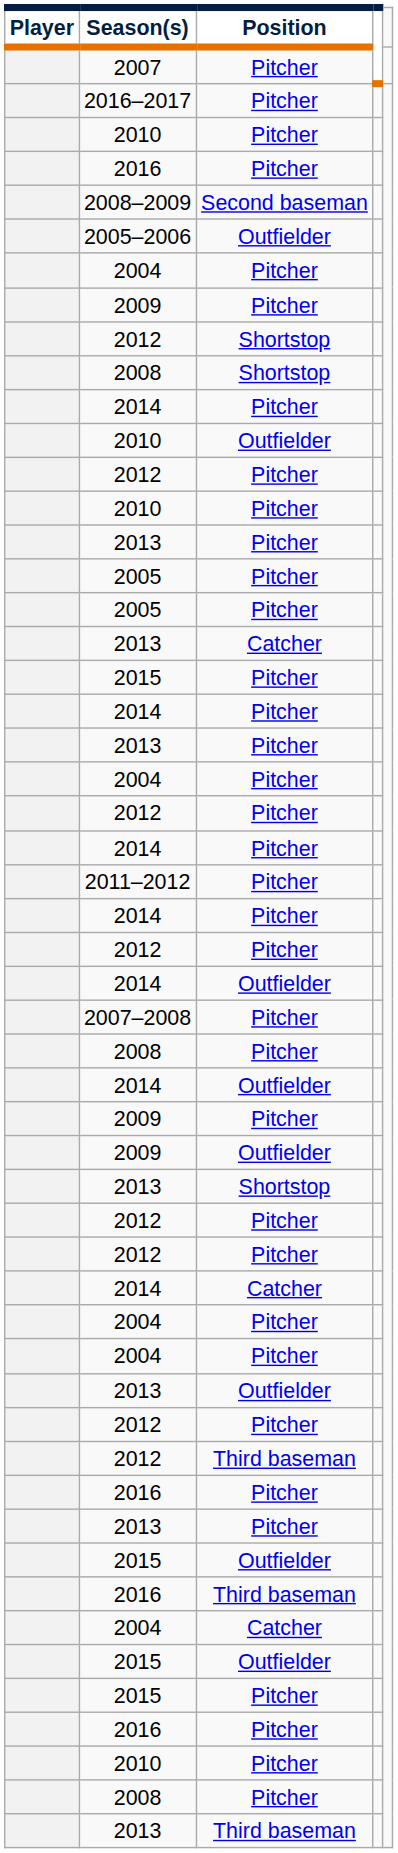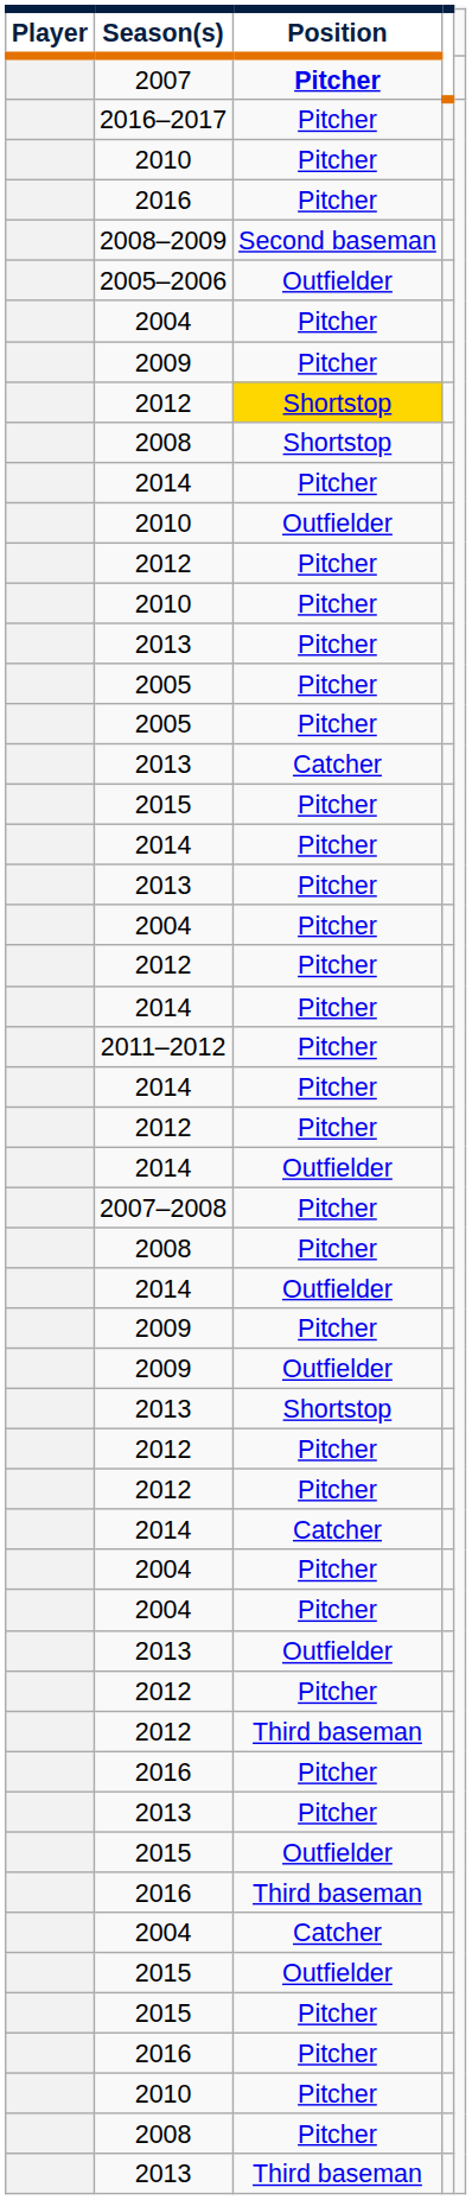 <table class="wikitable sortable plainrowheaders" style="font-size: 95%; text-align:center;">
 <tr>
 <th scope="col" style="background-color:#ffffff; border-top:#041e42 5px solid; border-bottom:#e57200 5px solid; color:#041e42">Player</th>
 <th scope="col" style="background-color:#ffffff; border-top:#041e42 5px solid; border-bottom:#e57200 5px solid; color:#041e42">Season(s)</th>
 <th scope="col" style="background-color:#ffffff; border-top:#041e42 5px solid; border-bottom:#e57200 5px solid; color:#041e42">Position</th>
 <th rowspan="2" class="unsortable" scope="col" style="background-color:#ffffff; border-top:#041e42  5px solid; border-bottom:#e57200 5px solid; color:#041e42"></th>
 </tr>
 <tr>
 <th scope="row" style="text-align:center"></th>
 <td>2007</td>
-<td><a href='#'>Pitcher</a></td>
+<td><strong><a href='#'>Pitcher</a></strong></td>
 <td></td>
 </tr>
 <tr>
 <th scope="row" style="text-align:center"></th>
 <td>2016–2017</td>
 <td><a href='#'>Pitcher</a></td>
 <td></td>
 </tr>
 <tr>
 <th scope="row" style="text-align:center"></th>
 <td>2010</td>
 <td><a href='#'>Pitcher</a></td>
 <td></td>
 </tr>
 <tr>
 <th scope="row" style="text-align:center"></th>
 <td>2016</td>
 <td><a href='#'>Pitcher</a></td>
 <td></td>
 </tr>
 <tr>
 <th scope="row" style="text-align:center"></th>
 <td>2008–2009</td>
 <td><a href='#'>Second baseman</a></td>
 <td></td>
 </tr>
 <tr>
 <th scope="row" style="text-align:center"></th>
 <td>2005–2006</td>
 <td><a href='#'>Outfielder</a></td>
 <td></td>
 </tr>
 <tr>
 <th scope="row" style="text-align:center"></th>
 <td>2004</td>
 <td><a href='#'>Pitcher</a></td>
 <td></td>
 </tr>
 <tr>
 <th scope="row" style="text-align:center"></th>
 <td>2009</td>
 <td><a href='#'>Pitcher</a></td>
 <td></td>
 </tr>
 <tr>
 <th scope="row" style="text-align:center"></th>
 <td>2012</td>
-<td><a href='#'>Shortstop</a></td>
+<td style="background: gold;"><a href='#'>Shortstop</a></td>
 <td></td>
 </tr>
 <tr>
 <th scope="row" style="text-align:center"></th>
 <td>2008</td>
 <td><a href='#'>Shortstop</a></td>
 <td></td>
 </tr>
 <tr>
 <th scope="row" style="text-align:center"></th>
 <td>2014</td>
 <td><a href='#'>Pitcher</a></td>
 <td></td>
 </tr>
 <tr>
 <th scope="row" style="text-align:center"></th>
 <td>2010</td>
 <td><a href='#'>Outfielder</a></td>
 <td></td>
 </tr>
 <tr>
 <th scope="row" style="text-align:center"></th>
 <td>2012</td>
 <td><a href='#'>Pitcher</a></td>
 <td></td>
 </tr>
 <tr>
 <th scope="row" style="text-align:center"></th>
 <td>2010</td>
 <td><a href='#'>Pitcher</a></td>
 <td></td>
 </tr>
 <tr>
 <th scope="row" style="text-align:center"></th>
 <td>2013</td>
 <td><a href='#'>Pitcher</a></td>
 <td></td>
 </tr>
 <tr>
 <th scope="row" style="text-align:center"></th>
 <td>2005</td>
 <td><a href='#'>Pitcher</a></td>
 <td></td>
 </tr>
 <tr>
 <th scope="row" style="text-align:center"></th>
 <td>2005</td>
 <td><a href='#'>Pitcher</a></td>
 <td></td>
 </tr>
 <tr>
 <th scope="row" style="text-align:center"></th>
 <td>2013</td>
 <td><a href='#'>Catcher</a></td>
 <td></td>
 </tr>
 <tr>
 <th scope="row" style="text-align:center"></th>
 <td>2015</td>
 <td><a href='#'>Pitcher</a></td>
 <td></td>
 </tr>
 <tr>
 <th scope="row" style="text-align:center"></th>
 <td>2014</td>
 <td><a href='#'>Pitcher</a></td>
 <td></td>
 </tr>
 <tr>
 <th scope="row" style="text-align:center"></th>
 <td>2013</td>
 <td><a href='#'>Pitcher</a></td>
 <td></td>
 </tr>
 <tr>
 <th scope="row" style="text-align:center"></th>
 <td>2004</td>
 <td><a href='#'>Pitcher</a></td>
 <td></td>
 </tr>
 <tr>
 <th scope="row" style="text-align:center"></th>
 <td>2012</td>
 <td><a href='#'>Pitcher</a></td>
 <td></td>
 </tr>
 <tr>
 <th scope="row" style="text-align:center"></th>
 <td>2014</td>
 <td><a href='#'>Pitcher</a></td>
 <td></td>
 </tr>
 <tr>
 <th scope="row" style="text-align:center"></th>
 <td>2011–2012</td>
 <td><a href='#'>Pitcher</a></td>
 <td></td>
 </tr>
 <tr>
 <th scope="row" style="text-align:center"></th>
 <td>2014</td>
 <td><a href='#'>Pitcher</a></td>
 <td></td>
 </tr>
 <tr>
 <th scope="row" style="text-align:center"></th>
 <td>2012</td>
 <td><a href='#'>Pitcher</a></td>
 <td></td>
 </tr>
 <tr>
 <th scope="row" style="text-align:center"></th>
 <td>2014</td>
 <td><a href='#'>Outfielder</a></td>
 <td></td>
 </tr>
 <tr>
 <th scope="row" style="text-align:center"></th>
 <td>2007–2008</td>
 <td><a href='#'>Pitcher</a></td>
 <td></td>
 </tr>
 <tr>
 <th scope="row" style="text-align:center"></th>
 <td>2008</td>
 <td><a href='#'>Pitcher</a></td>
 <td></td>
 </tr>
 <tr>
 <th scope="row" style="text-align:center"></th>
 <td>2014</td>
 <td><a href='#'>Outfielder</a></td>
 <td></td>
 </tr>
 <tr>
 <th scope="row" style="text-align:center"></th>
 <td>2009</td>
 <td><a href='#'>Pitcher</a></td>
 <td></td>
 </tr>
 <tr>
 <th scope="row" style="text-align:center"></th>
 <td>2009</td>
 <td><a href='#'>Outfielder</a></td>
 <td></td>
 </tr>
 <tr>
 <th scope="row" style="text-align:center"></th>
 <td>2013</td>
 <td><a href='#'>Shortstop</a></td>
 <td></td>
 </tr>
 <tr>
 <th scope="row" style="text-align:center"></th>
 <td>2012</td>
 <td><a href='#'>Pitcher</a></td>
 <td></td>
 </tr>
 <tr>
 <th scope="row" style="text-align:center"></th>
 <td>2012</td>
 <td><a href='#'>Pitcher</a></td>
 <td></td>
 </tr>
 <tr>
 <th scope="row" style="text-align:center"></th>
 <td>2014</td>
 <td><a href='#'>Catcher</a></td>
 <td></td>
 </tr>
 <tr>
 <th scope="row" style="text-align:center"></th>
 <td>2004</td>
 <td><a href='#'>Pitcher</a></td>
 <td></td>
 </tr>
 <tr>
 <th scope="row" style="text-align:center"></th>
 <td>2004</td>
 <td><a href='#'>Pitcher</a></td>
 <td></td>
 </tr>
 <tr>
 <th scope="row" style="text-align:center"></th>
 <td>2013</td>
 <td><a href='#'>Outfielder</a></td>
 <td></td>
 </tr>
 <tr>
 <th scope="row" style="text-align:center"></th>
 <td>2012</td>
 <td><a href='#'>Pitcher</a></td>
 <td></td>
 </tr>
 <tr>
 <th scope="row" style="text-align:center"></th>
 <td>2012</td>
 <td><a href='#'>Third baseman</a></td>
 <td></td>
 </tr>
 <tr>
 <th scope="row" style="text-align:center"></th>
 <td>2016</td>
 <td><a href='#'>Pitcher</a></td>
 <td></td>
 </tr>
 <tr>
 <th scope="row" style="text-align:center"></th>
 <td>2013</td>
 <td><a href='#'>Pitcher</a></td>
 <td></td>
 </tr>
 <tr>
 <th scope="row" style="text-align:center"></th>
 <td>2015</td>
 <td><a href='#'>Outfielder</a></td>
 <td></td>
 </tr>
 <tr>
 <th scope="row" style="text-align:center"></th>
 <td>2016</td>
 <td><a href='#'>Third baseman</a></td>
 <td></td>
 </tr>
 <tr>
 <th scope="row" style="text-align:center"></th>
 <td>2004</td>
 <td><a href='#'>Catcher</a></td>
 <td></td>
 </tr>
 <tr>
 <th scope="row" style="text-align:center"></th>
 <td>2015</td>
 <td><a href='#'>Outfielder</a></td>
 <td></td>
 </tr>
 <tr>
 <th scope="row" style="text-align:center"></th>
 <td>2015</td>
 <td><a href='#'>Pitcher</a></td>
 <td></td>
 </tr>
 <tr>
 <th scope="row" style="text-align:center"></th>
 <td>2016</td>
 <td><a href='#'>Pitcher</a></td>
 <td></td>
 </tr>
 <tr>
 <th scope="row" style="text-align:center"></th>
 <td>2010</td>
 <td><a href='#'>Pitcher</a></td>
 <td></td>
 </tr>
 <tr>
 <th scope="row" style="text-align:center"></th>
 <td>2008</td>
 <td><a href='#'>Pitcher</a></td>
 <td></td>
 </tr>
 <tr>
 <th scope="row" style="text-align:center"></th>
 <td>2013</td>
 <td><a href='#'>Third baseman</a></td>
 <td></td>
 </tr>
 </table>
